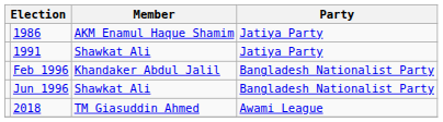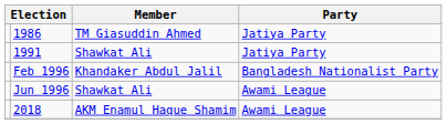 <table class="wikitable">
 <tr>
 <th colspan="2">Election</th>
 <th>Member</th>
 <th>Party</th>
 </tr>
 <tr>
 <td style="background-color:"></td>
 <td><a href='#'>1986</a></td>
-<td><a href='#'>AKM Enamul Haque Shamim</a></td>
+<td><a href='#'>TM Giasuddin Ahmed</a></td>
 <td><a href='#'>Jatiya Party</a></td>
 </tr>
 <tr>
 <td style="background-color:"></td>
 <td><a href='#'>1991</a></td>
 <td><a href='#'>Shawkat Ali</a></td>
 <td><a href='#'>Jatiya Party</a></td>
 </tr>
 <tr>
 <td style="background-color:"></td>
 <td><a href='#'>Feb 1996</a></td>
 <td><a href='#'>Khandaker Abdul Jalil</a></td>
 <td><a href='#'>Bangladesh Nationalist Party</a></td>
 </tr>
 <tr>
 <td style="background-color:"></td>
 <td><a href='#'>Jun 1996</a></td>
 <td><a href='#'>Shawkat Ali</a></td>
-<td><a href='#'>Bangladesh Nationalist Party</a></td>
+<td><a href='#'>Awami League</a></td>
 </tr>
 <tr>
 <td style="background-color:"></td>
 <td><a href='#'>2018</a></td>
-<td><a href='#'>TM Giasuddin Ahmed</a></td>
+<td><a href='#'>AKM Enamul Haque Shamim</a></td>
 <td><a href='#'>Awami League</a></td>
 </tr>
 <tr>
 </tr>
 </table>
